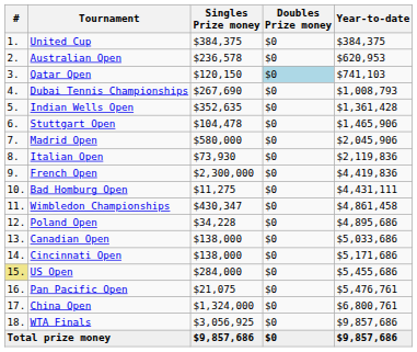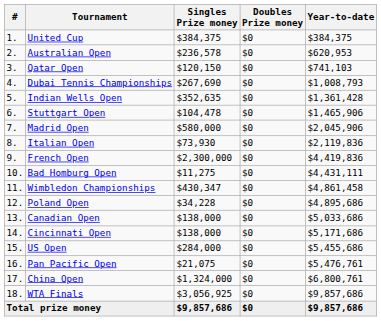 <table class="wikitable sortable">
 <tr>
 <th>#</th>
 <th>Tournament</th>
 <th>Singles<br>Prize money</th>
 <th>Doubles<br>Prize money</th>
 <th>Year-to-date</th>
 </tr>
 <tr>
 <td>1.</td>
 <td><a href='#'>United Cup</a></td>
 <td>$384,375</td>
 <td>$0</td>
 <td>$384,375</td>
 </tr>
 <tr>
 <td>2.</td>
 <td><a href='#'>Australian Open</a></td>
 <td>$236,578</td>
 <td>$0</td>
 <td>$620,953</td>
 </tr>
 <tr>
 <td>3.</td>
 <td><a href='#'>Qatar Open</a></td>
 <td>$120,150</td>
-<td style="background: lightblue;">$0</td>
+<td>$0</td>
 <td>$741,103</td>
 </tr>
 <tr>
 <td>4.</td>
 <td><a href='#'>Dubai Tennis Championships</a></td>
 <td>$267,690</td>
 <td>$0</td>
 <td>$1,008,793</td>
 </tr>
 <tr>
 <td>5.</td>
 <td><a href='#'>Indian Wells Open</a></td>
 <td>$352,635</td>
 <td>$0</td>
 <td>$1,361,428</td>
 </tr>
 <tr>
 <td>6.</td>
 <td><a href='#'>Stuttgart Open</a></td>
 <td>$104,478</td>
 <td>$0</td>
 <td>$1,465,906</td>
 </tr>
 <tr>
 <td>7.</td>
 <td><a href='#'>Madrid Open</a></td>
 <td>$580,000</td>
 <td>$0</td>
 <td>$2,045,906</td>
 </tr>
 <tr>
 <td>8.</td>
 <td><a href='#'>Italian Open</a></td>
 <td>$73,930</td>
 <td>$0</td>
 <td>$2,119,836</td>
 </tr>
 <tr>
 <td>9.</td>
 <td><a href='#'>French Open</a></td>
 <td>$2,300,000</td>
 <td>$0</td>
 <td>$4,419,836</td>
 </tr>
 <tr>
 <td>10.</td>
 <td><a href='#'>Bad Homburg Open</a></td>
 <td>$11,275</td>
 <td>$0</td>
 <td>$4,431,111</td>
 </tr>
 <tr>
 <td>11.</td>
 <td><a href='#'>Wimbledon Championships</a></td>
 <td>$430,347</td>
 <td>$0</td>
 <td>$4,861,458</td>
 </tr>
 <tr>
 <td>12.</td>
 <td><a href='#'>Poland Open</a></td>
 <td>$34,228</td>
 <td>$0</td>
 <td>$4,895,686</td>
 </tr>
 <tr>
 <td>13.</td>
 <td><a href='#'>Canadian Open</a></td>
 <td>$138,000</td>
 <td>$0</td>
 <td>$5,033,686</td>
 </tr>
 <tr>
 <td>14.</td>
 <td><a href='#'>Cincinnati Open</a></td>
 <td>$138,000</td>
 <td>$0</td>
 <td>$5,171,686</td>
 </tr>
 <tr>
-<td style="background: khaki;">15.</td>
+<td>15.</td>
 <td><a href='#'>US Open</a></td>
 <td>$284,000</td>
 <td>$0</td>
 <td>$5,455,686</td>
 </tr>
 <tr>
 <td>16.</td>
 <td><a href='#'>Pan Pacific Open</a></td>
 <td>$21,075</td>
 <td>$0</td>
 <td>$5,476,761</td>
 </tr>
 <tr>
 <td>17.</td>
 <td><a href='#'>China Open</a></td>
 <td>$1,324,000</td>
 <td>$0</td>
 <td>$6,800,761</td>
 </tr>
 <tr>
 <td>18.</td>
 <td><a href='#'>WTA Finals</a></td>
 <td>$3,056,925</td>
 <td>$0</td>
 <td>$9,857,686</td>
 </tr>
 <tr style="background:#efefef">
 <td colspan="2"><strong>Total prize money</strong></td>
 <td><strong>$9,857,686</strong></td>
 <td><strong>$0</strong></td>
 <td><strong>$9,857,686</strong></td>
 </tr>
 </table>
